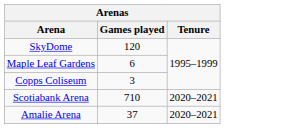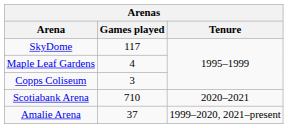 <table class="wikitable" style="text-align:center">
 <tr>
 <th colspan="3" style="text-align:center; ">Arenas</th>
 </tr>
 <tr>
 <th style="text-align:center; ">Arena</th>
 <th style="text-align:center; ">Games played</th>
 <th style="text-align:center; ">Tenure</th>
 </tr>
 <tr>
 <td><a href='#'>SkyDome</a></td>
-<td>120</td>
+<td>117</td>
 <td rowspan=3>1995–1999</td>
 </tr>
 <tr>
 <td><a href='#'>Maple Leaf Gardens</a></td>
-<td>6</td>
+<td>4</td>
 </tr>
 <tr>
 <td><a href='#'>Copps Coliseum</a></td>
 <td>3</td>
 </tr>
 <tr>
 <td><a href='#'>Scotiabank Arena</a></td>
 <td>710</td>
 <td>2020–2021</td>
 </tr>
 <tr>
 <td><a href='#'>Amalie Arena</a></td>
 <td>37</td>
-<td>2020–2021</td>
+<td>1999–2020, 2021–present</td>
 </tr>
 </table>
